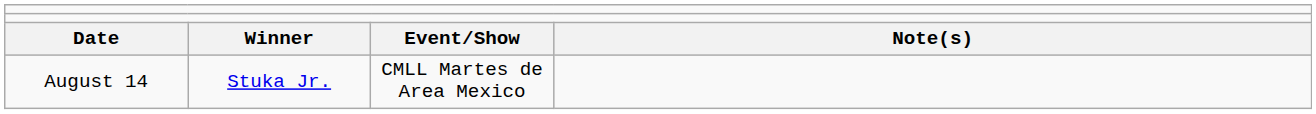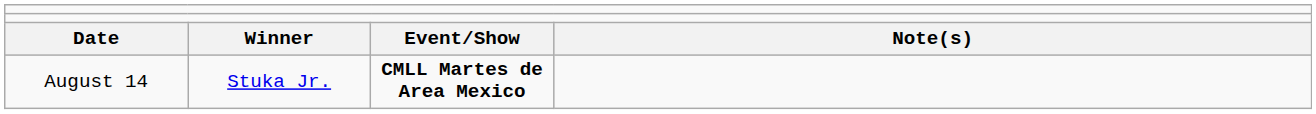 <table class="wikitable" style="text-align:center; width:100%;">
 <tr>
 <td colspan="5"></td>
 </tr>
 <tr>
 <td colspan="5"><strong></strong></td>
 </tr>
 <tr>
 <th width=14%>Date</th>
 <th width=14%>Winner</th>
 <th width=14%>Event/Show</th>
 <th width=58%>Note(s)</th>
 </tr>
 <tr>
 <td>August 14</td>
 <td><a href='#'>Stuka Jr.</a></td>
-<td>CMLL Martes de Area Mexico</td>
+<td><strong>CMLL Martes de Area Mexico</strong></td>
 <td></td>
 </tr>
 </table>
